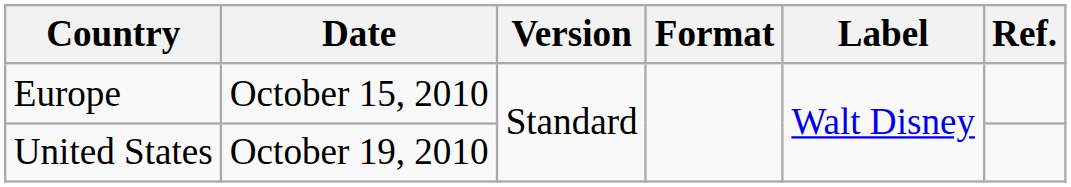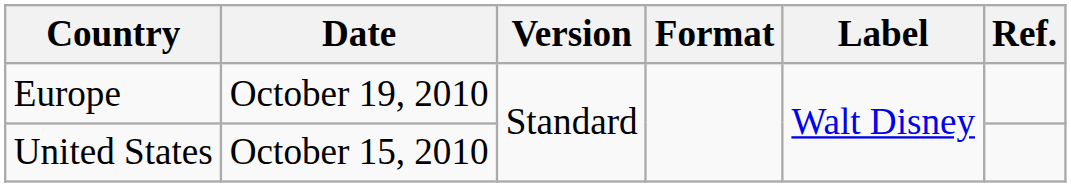 <table class="wikitable">
 <tr>
 <th>Country</th>
 <th>Date</th>
 <th>Version</th>
 <th>Format</th>
 <th>Label</th>
 <th>Ref.</th>
 </tr>
 <tr>
 <td>Europe</td>
-<td>October 15, 2010</td>
+<td>October 19, 2010</td>
 <td rowspan="2">Standard</td>
 <td rowspan="2"></td>
 <td rowspan="2"><a href='#'>Walt Disney</a></td>
 <td></td>
 </tr>
 <tr>
 <td>United States</td>
-<td>October 19, 2010</td>
+<td>October 15, 2010</td>
 <td></td>
 </tr>
 </table>
